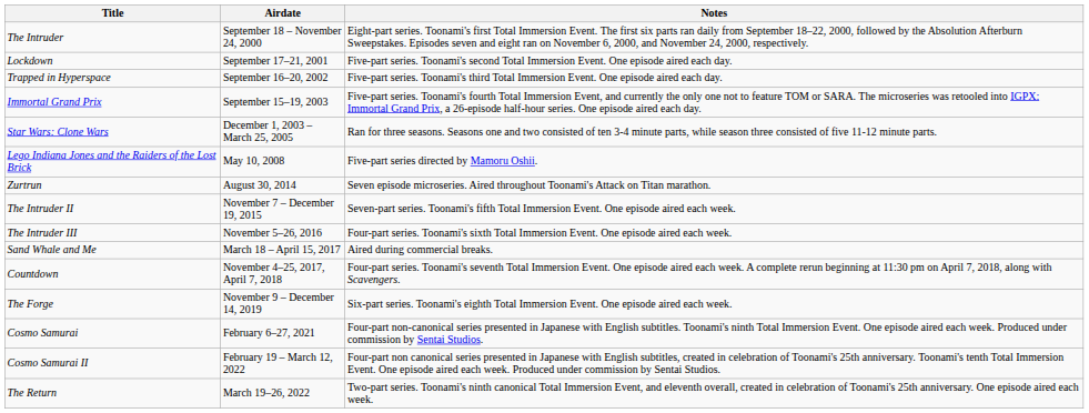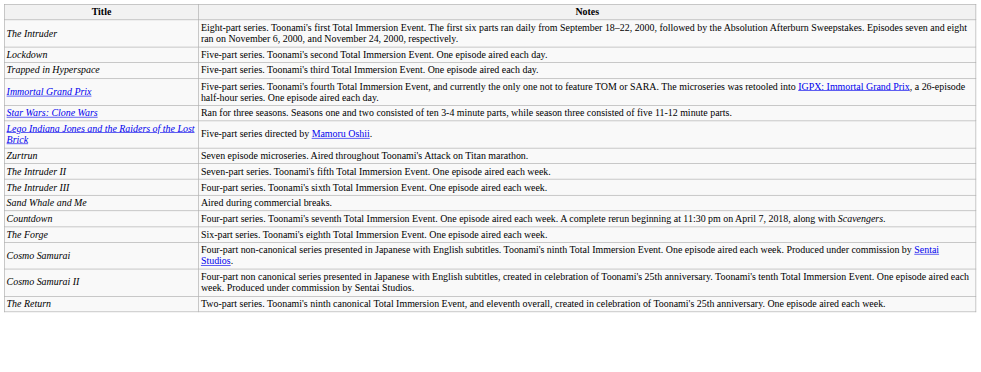 <table class="wikitable">
 <tr>
 <th width=20%>Title</th>
-<th>Airdate</th>
 <th>Notes</th>
 </tr>
 <tr>
 <td><em>The Intruder</em></td>
-<td>September 18 – November 24, 2000</td>
 <td>Eight-part series. Toonami's first Total Immersion Event. The first six parts ran daily from September 18–22, 2000, followed by the Absolution Afterburn Sweepstakes. Episodes seven and eight ran on November 6, 2000, and November 24, 2000, respectively.</td>
 </tr>
 <tr>
 <td><em>Lockdown</em></td>
-<td>September 17–21, 2001</td>
 <td>Five-part series. Toonami's second Total Immersion Event. One episode aired each day.</td>
 </tr>
 <tr>
 <td><em>Trapped in Hyperspace</em></td>
-<td>September 16–20, 2002</td>
 <td>Five-part series. Toonami's third Total Immersion Event. One episode aired each day.</td>
 </tr>
 <tr>
 <td><em><a href='#'>Immortal Grand Prix</a></em></td>
-<td>September 15–19, 2003</td>
 <td>Five-part series. Toonami's fourth Total Immersion Event, and currently the only one not to feature TOM or SARA. The microseries was retooled into <a href='#'>IGPX: Immortal Grand Prix</a>, a 26-episode half-hour series. One episode aired each day.</td>
 </tr>
 <tr>
 <td><em><a href='#'>Star Wars: Clone Wars</a></em></td>
-<td>December 1, 2003 – March 25, 2005</td>
 <td>Ran for three seasons. Seasons one and two consisted of ten 3-4 minute parts, while season three consisted of five 11-12 minute parts.</td>
 </tr>
 <tr>
 <td><em><a href='#'>Lego Indiana Jones and the Raiders of the Lost Brick</a></em></td>
-<td>May 10, 2008</td>
 <td>Five-part series directed by <a href='#'>Mamoru Oshii</a>.</td>
 </tr>
 <tr>
 <td><em>Zurtrun</em></td>
-<td>August 30, 2014</td>
 <td>Seven episode microseries. Aired throughout Toonami's Attack on Titan marathon.</td>
 </tr>
 <tr>
 <td><em>The Intruder II</em></td>
-<td>November 7 – December 19, 2015</td>
 <td>Seven-part series. Toonami's fifth Total Immersion Event. One episode aired each week.</td>
 </tr>
 <tr>
 <td><em>The Intruder III</em></td>
-<td>November 5–26, 2016</td>
 <td>Four-part series. Toonami's sixth Total Immersion Event. One episode aired each week.</td>
 </tr>
 <tr>
 <td><em>Sand Whale and Me</em></td>
-<td>March 18 – April 15, 2017</td>
 <td>Aired during commercial breaks.</td>
 </tr>
 <tr>
 <td><em>Countdown</em></td>
-<td>November 4–25, 2017, April 7, 2018</td>
 <td>Four-part series. Toonami's seventh Total Immersion Event. One episode aired each week. A complete rerun beginning at 11:30 pm on April 7, 2018, along with <em>Scavengers</em>.</td>
 </tr>
 <tr>
 <td><em>The Forge</em></td>
-<td>November 9 – December 14, 2019</td>
 <td>Six-part series. Toonami's eighth Total Immersion Event. One episode aired each week.</td>
 </tr>
 <tr>
 <td><em>Cosmo Samurai</em></td>
-<td>February 6–27, 2021</td>
 <td>Four-part non-canonical series presented in Japanese with English subtitles. Toonami's ninth Total Immersion Event. One episode aired each week. Produced under commission by <a href='#'>Sentai Studios</a>.</td>
 </tr>
 <tr>
 <td><em>Cosmo Samurai II</em></td>
-<td>February 19 – March 12, 2022</td>
 <td>Four-part non canonical series presented in Japanese with English subtitles, created in celebration of Toonami's 25th anniversary. Toonami's tenth Total Immersion Event. One episode aired each week. Produced under commission by Sentai Studios.</td>
 </tr>
 <tr>
 <td><em>The Return</em></td>
-<td>March 19–26, 2022</td>
 <td>Two-part series. Toonami's ninth canonical Total Immersion Event, and eleventh overall, created in celebration of Toonami's 25th anniversary. One episode aired each week.</td>
 </tr>
 </table>
